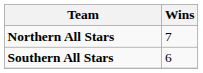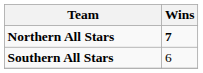 <table class="wikitable">
 <tr>
 <th width=180>Team</th>
 <th>Wins</th>
 </tr>
 <tr>
 <td><strong>Northern All Stars</strong></td>
-<td>7</td>
+<td><strong>7</strong></td>
 </tr>
 <tr>
 <td><strong>Southern All Stars</strong></td>
 <td>6</td>
 </tr>
 <tr>
 </tr>
 </table>
